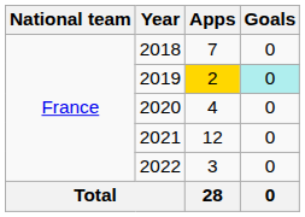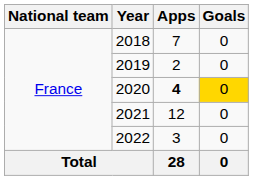 <table class="wikitable" style="text-align: center;">
 <tr>
 <th>National team</th>
 <th>Year</th>
 <th>Apps</th>
 <th>Goals</th>
 </tr>
 <tr>
 <td rowspan="5"><a href='#'>France</a></td>
 <td>2018</td>
 <td>7</td>
 <td>0</td>
 </tr>
 <tr>
 <td>2019</td>
-<td style="background: gold;">2</td>
-<td style="background: paleturquoise;">0</td>
+<td>2</td>
+<td>0</td>
 </tr>
 <tr>
 <td>2020</td>
-<td>4</td>
-<td>0</td>
+<td><strong>4</strong></td>
+<td style="background: gold;">0</td>
 </tr>
 <tr>
 <td>2021</td>
 <td>12</td>
 <td>0</td>
 </tr>
 <tr>
 <td>2022</td>
 <td>3</td>
 <td>0</td>
 </tr>
 <tr>
 <th colspan="2">Total</th>
 <th>28</th>
 <th>0</th>
 </tr>
 </table>
